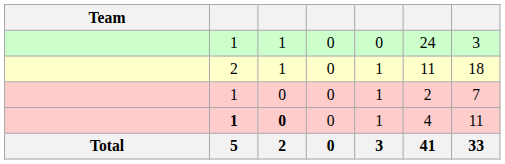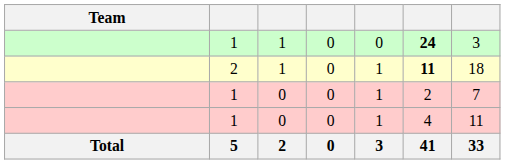 <table class="wikitable" style="font-size:95%; text-align:center">
 <tr>
 <th width=192>Team</th>
 <th width=40></th>
 <th width=40></th>
 <th width=40></th>
 <th width=40></th>
 <th width=40></th>
 <th width=40></th>
 </tr>
 <tr style="background:#ccffcc;">
 <td align=left></td>
 <td>1</td>
 <td>1</td>
 <td>0</td>
 <td>0</td>
-<td>24</td>
+<td><strong>24</strong></td>
 <td>3</td>
 </tr>
 <tr style="background:#ffffcc;">
 <td align=left></td>
 <td>2</td>
 <td>1</td>
 <td>0</td>
 <td>1</td>
-<td>11</td>
+<td><strong>11</strong></td>
 <td>18</td>
 </tr>
 <tr style="background:#ffcccc;">
 <td align=left></td>
 <td>1</td>
 <td>0</td>
 <td>0</td>
 <td>1</td>
 <td>2</td>
 <td>7</td>
 </tr>
 <tr style="background:#ffcccc;">
 <td align=left></td>
-<td><strong>1</strong></td>
-<td><strong>0</strong></td>
+<td>1</td>
+<td>0</td>
 <td>0</td>
 <td>1</td>
 <td>4</td>
 <td>11</td>
 </tr>
 <tr>
 <th>Total</th>
 <th>5</th>
 <th>2</th>
 <th>0</th>
 <th>3</th>
 <th>41</th>
 <th>33</th>
 </tr>
 </table>
